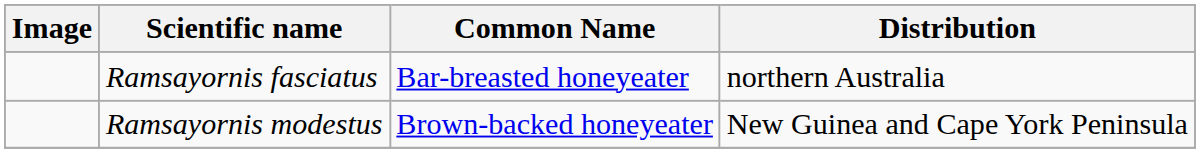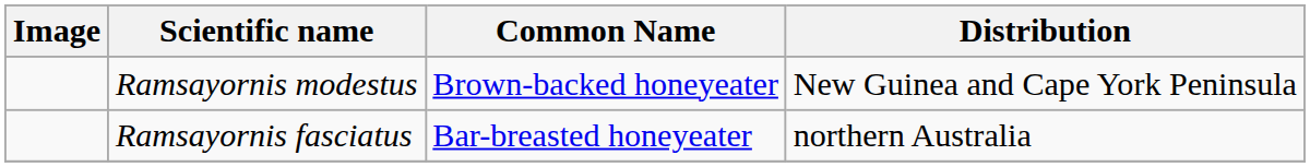 <table class="wikitable">
 <tr>
 <th>Image</th>
 <th>Scientific name</th>
 <th>Common Name</th>
 <th>Distribution</th>
 </tr>
 <tr>
 <td></td>
+<td><em>Ramsayornis modestus</em></td>
+<td><a href='#'>Brown-backed honeyeater</a></td>
+<td>New Guinea and Cape York Peninsula</td>
+</tr>
+<tr>
+<td></td>
 <td><em>Ramsayornis fasciatus</em></td>
 <td><a href='#'>Bar-breasted honeyeater</a></td>
 <td>northern Australia</td>
 </tr>
 <tr>
-<td></td>
-<td><em>Ramsayornis modestus</em></td>
-<td><a href='#'>Brown-backed honeyeater</a></td>
-<td>New Guinea and Cape York Peninsula</td>
-</tr>
-<tr>
 </tr>
 </table>
